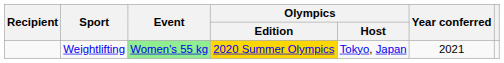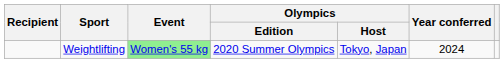 <table class="wikitable sortable" style="text-align: left; width=100%;">
 <tr>
 <th rowspan=2>Recipient</th>
 <th rowspan=2>Sport</th>
 <th rowspan=2>Event</th>
 <th colspan=2>Olympics</th>
 <th rowspan=2>Year conferred</th>
 <th class="unsortable" rowspan=2></th>
 </tr>
 <tr>
 <th>Edition</th>
 <th>Host</th>
 </tr>
 <tr>
 <td></td>
 <td><a href='#'>Weightlifting</a></td>
 <td style="background: lightgreen;"><a href='#'>Women's 55 kg</a></td>
-<td align=center style="background: gold;"><a href='#'>2020 Summer Olympics</a></td>
+<td align=center><a href='#'>2020 Summer Olympics</a></td>
 <td><a href='#'>Tokyo</a>, <a href='#'>Japan</a></td>
-<td align=center>2021</td>
+<td align=center>2024</td>
 <td align=center></td>
 </tr>
 </table>
